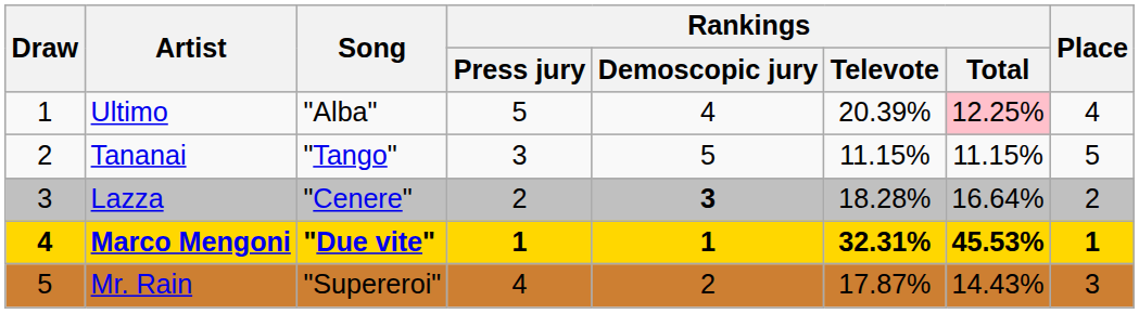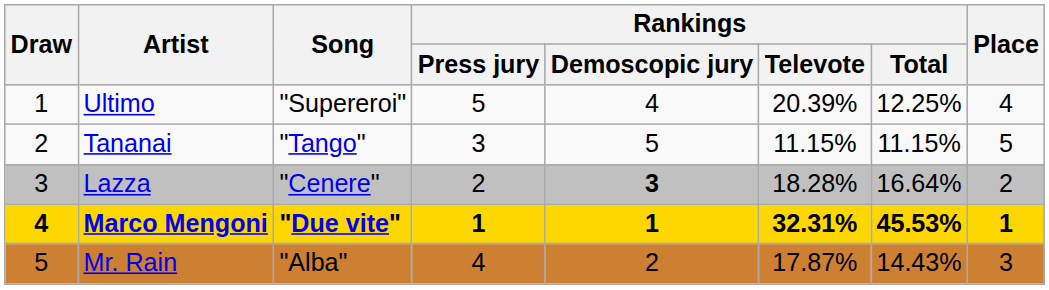 <table class="wikitable sortable">
 <tr>
 <th rowspan="2">Draw</th>
 <th rowspan="2">Artist</th>
 <th rowspan="2">Song</th>
 <th colspan="4">Rankings</th>
 <th rowspan="2">Place</th>
 </tr>
 <tr>
 <th>Press jury</th>
 <th>Demoscopic jury</th>
 <th>Televote</th>
 <th>Total</th>
 </tr>
 <tr>
 <td align="center">1</td>
 <td><a href='#'>Ultimo</a></td>
-<td>"Alba"</td>
+<td>"Supereroi"</td>
 <td align="center">5</td>
 <td align="center">4</td>
 <td align="center">20.39%</td>
-<td align="center" style="background: pink;">12.25%</td>
+<td align="center">12.25%</td>
 <td align="center">4</td>
 </tr>
 <tr>
 <td align="center">2</td>
 <td><a href='#'>Tananai</a></td>
 <td>"<a href='#'>Tango</a>"</td>
 <td align="center">3</td>
 <td align="center">5</td>
 <td align="center">11.15%</td>
 <td align="center">11.15%</td>
 <td align="center">5</td>
 </tr>
 <tr bgcolor="silver">
 <td align="center">3</td>
 <td><a href='#'>Lazza</a></td>
 <td>"<a href='#'>Cenere</a>"</td>
 <td align="center">2</td>
 <td align="center"><strong>3</strong></td>
 <td align="center">18.28%</td>
 <td align="center">16.64%</td>
 <td align="center">2</td>
 </tr>
 <tr bgcolor="gold">
 <td align="center"><strong>4</strong></td>
 <td><strong><a href='#'>Marco Mengoni</a></strong></td>
 <td><strong>"<a href='#'>Due vite</a>"</strong></td>
 <td align="center"><strong>1</strong></td>
 <td align="center"><strong>1</strong></td>
 <td align="center"><strong>32.31%</strong></td>
 <td align="center"><strong>45.53%</strong></td>
 <td align="center"><strong>1</strong></td>
 </tr>
 <tr bgcolor="#Cd7f32">
 <td align="center">5</td>
 <td><a href='#'>Mr. Rain</a></td>
-<td>"Supereroi"</td>
+<td>"Alba"</td>
 <td align="center">4</td>
 <td align="center">2</td>
 <td align="center">17.87%</td>
 <td align="center">14.43%</td>
 <td align="center">3</td>
 </tr>
 </table>
